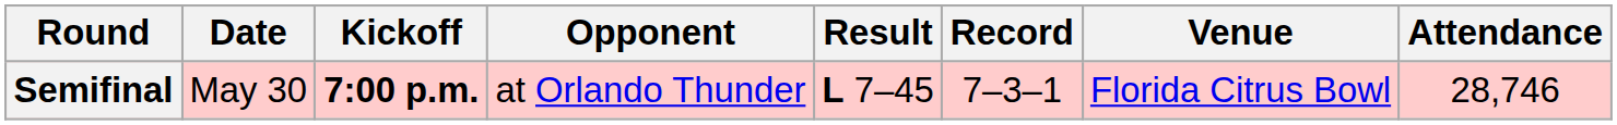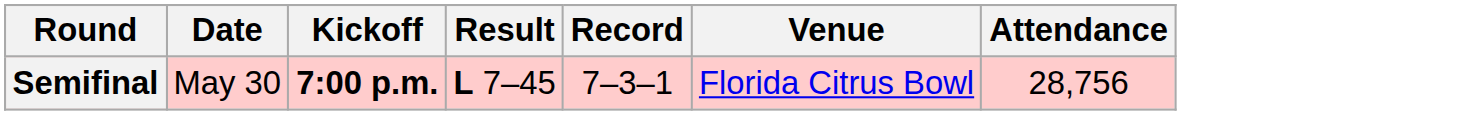 <table class="wikitable" style="text-align:center">
 <tr>
 <th>Round</th>
 <th>Date</th>
 <th>Kickoff</th>
-<th>Opponent</th>
 <th>Result</th>
 <th>Record</th>
 <th>Venue</th>
 <th>Attendance</th>
 </tr>
 <tr style="background:#fcc">
 <th>Semifinal</th>
 <td>May 30</td>
 <td><strong>7:00 p.m.</strong></td>
-<td>at <a href='#'>Orlando Thunder</a></td>
 <td><strong>L</strong> 7–45</td>
 <td>7–3–1</td>
 <td><a href='#'>Florida Citrus Bowl</a></td>
-<td>28,746</td>
+<td>28,756</td>
 </tr>
 </table>
